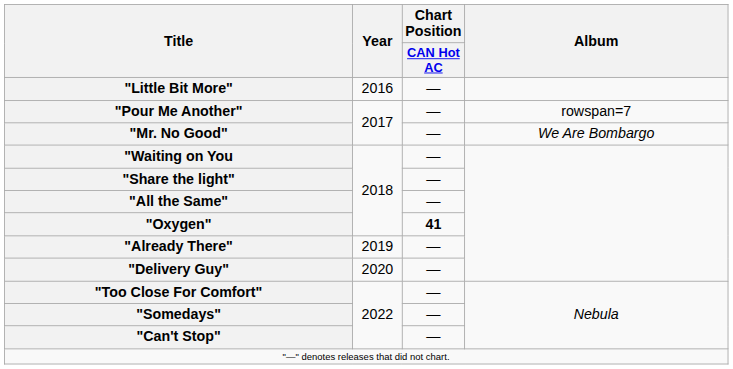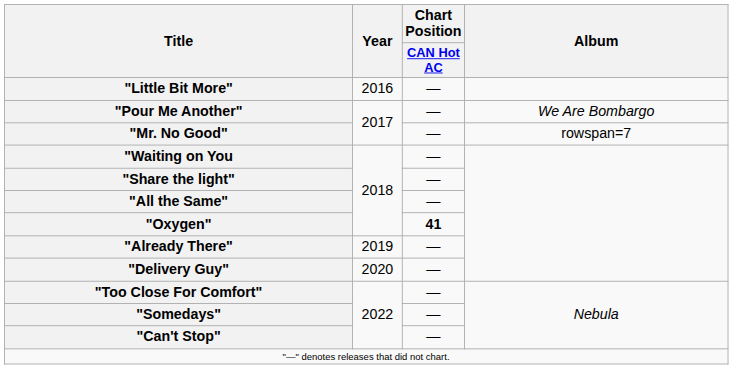 <table class="wikitable plainrowheaders" style="text-align:center;">
 <tr>
 <th scope="col" rowspan="2" style="width:24em;">Title</th>
 <th scope="col" rowspan="2" style="width:3em;">Year</th>
 <th scope="col" colspan="1">Chart Position</th>
 <th scope="col" rowspan="2" style="width:18em;">Album</th>
 </tr>
 <tr>
 <th scope="col" style="width:3em;font-size:90%;"><a href='#'>CAN Hot AC</a></th>
 </tr>
 <tr>
 <th scope="row">"Little Bit More"</th>
 <td>2016</td>
 <td>—</td>
 <td></td>
 </tr>
 <tr>
 <th scope="row">"Pour Me Another"</th>
 <td rowspan=2>2017</td>
 <td>—</td>
-<td>rowspan=7 </td>
+<td><em>We Are Bombargo</em></td>
 </tr>
 <tr>
 <th scope="row">"Mr. No Good"</th>
 <td>—</td>
-<td><em>We Are Bombargo</em></td>
+<td>rowspan=7 </td>
 </tr>
 <tr>
 <th scope="row">"Waiting on You</th>
 <td rowspan=4>2018</td>
 <td>—</td>
 </tr>
 <tr>
 <th scope="row">"Share the light"</th>
 <td>—</td>
 </tr>
 <tr>
 <th scope="row">"All the Same"</th>
 <td>—</td>
 </tr>
 <tr>
 <th scope="row">"Oxygen"</th>
 <td><strong>41</strong></td>
 </tr>
 <tr>
 <th scope="row">"Already There"</th>
 <td>2019</td>
 <td>—</td>
 </tr>
 <tr>
 <th scope="row">"Delivery Guy"</th>
 <td>2020</td>
 <td>—</td>
 </tr>
 <tr>
 <th scope="row">"Too Close For Comfort"</th>
 <td rowspan=3>2022</td>
 <td>—</td>
 <td rowspan=3><em>Nebula</em></td>
 </tr>
 <tr>
 <th scope="row">"Somedays"</th>
 <td>—</td>
 </tr>
 <tr>
 <th scope="row">"Can't Stop"</th>
 <td>—</td>
 </tr>
 <tr>
 <td colspan="16" style="text-align:center; font-size:8pt;">"—" denotes releases that did not chart.</td>
 </tr>
 </table>
